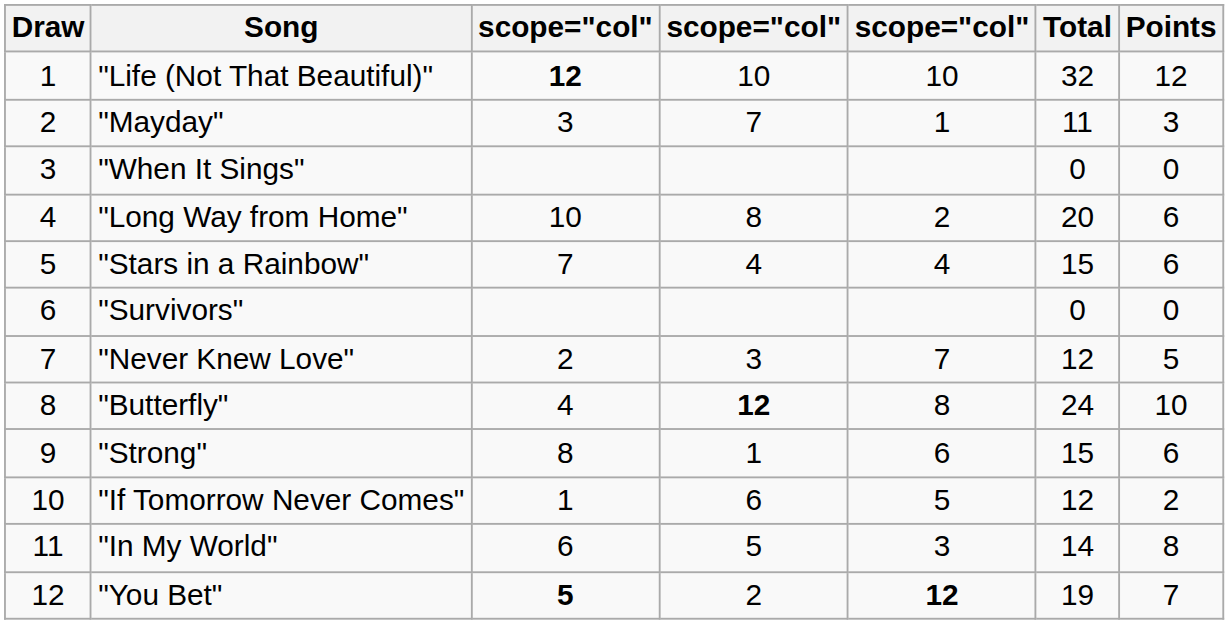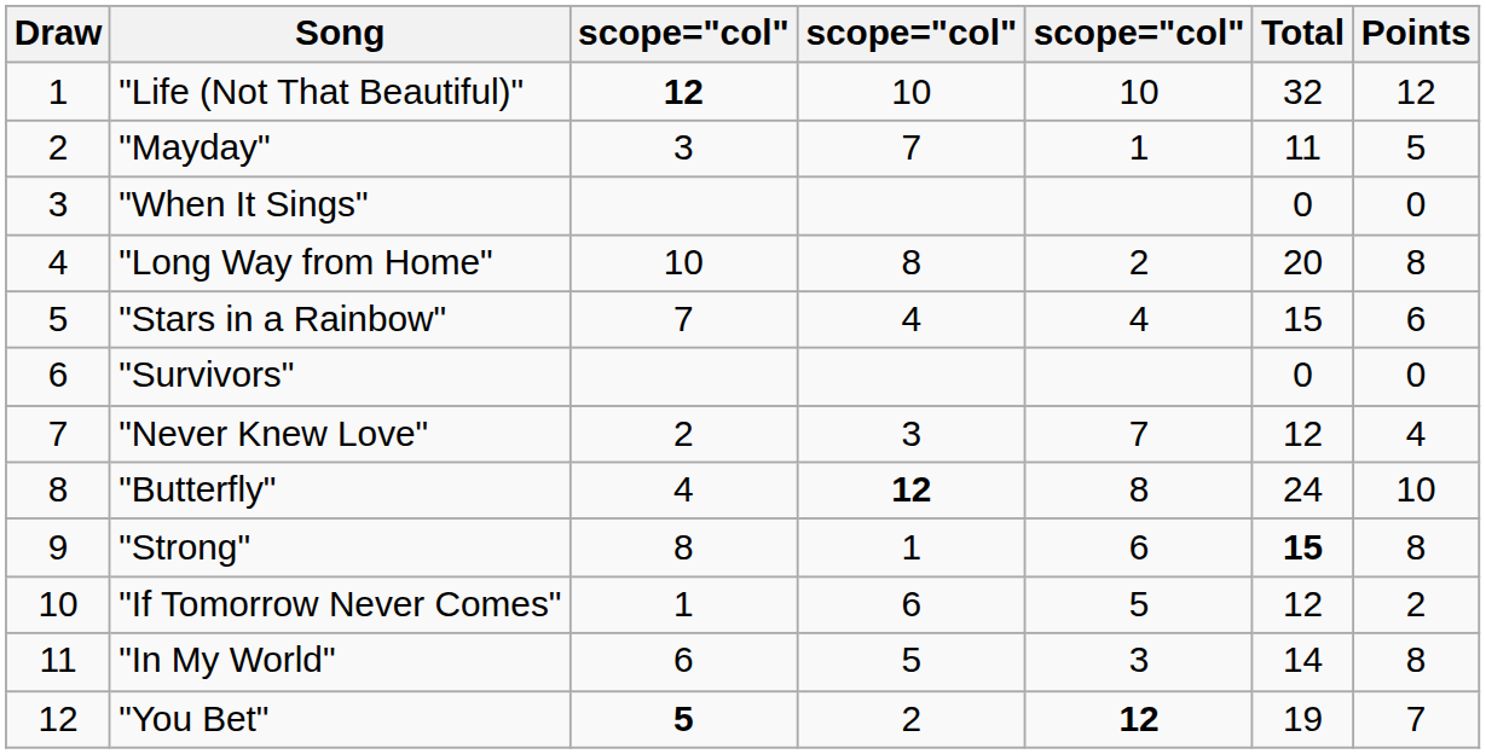 <table class="wikitable collapsible" style="margin: 1em auto 1em auto; text-align:center;">
 <tr>
 <th>Draw</th>
 <th>Song</th>
 <th>scope="col" </th>
 <th>scope="col" </th>
 <th>scope="col" </th>
 <th>Total</th>
 <th>Points</th>
 </tr>
 <tr>
 <td>1</td>
 <td align="left">"Life (Not That Beautiful)"</td>
 <td><strong>12</strong></td>
 <td>10</td>
 <td>10</td>
 <td>32</td>
 <td>12</td>
 </tr>
 <tr>
 <td>2</td>
 <td align="left">"Mayday"</td>
 <td>3</td>
 <td>7</td>
 <td>1</td>
 <td>11</td>
-<td>3</td>
+<td>5</td>
 </tr>
 <tr>
 <td>3</td>
 <td align="left">"When It Sings"</td>
 <td></td>
 <td></td>
 <td></td>
 <td>0</td>
 <td>0</td>
 </tr>
 <tr>
 <td>4</td>
 <td align="left">"Long Way from Home"</td>
 <td>10</td>
 <td>8</td>
 <td>2</td>
 <td>20</td>
-<td>6</td>
+<td>8</td>
 </tr>
 <tr>
 <td>5</td>
 <td align="left">"Stars in a Rainbow"</td>
 <td>7</td>
 <td>4</td>
 <td>4</td>
 <td>15</td>
 <td>6</td>
 </tr>
 <tr>
 <td>6</td>
 <td align="left">"Survivors"</td>
 <td></td>
 <td></td>
 <td></td>
 <td>0</td>
 <td>0</td>
 </tr>
 <tr>
 <td>7</td>
 <td align="left">"Never Knew Love"</td>
 <td>2</td>
 <td>3</td>
 <td>7</td>
 <td>12</td>
-<td>5</td>
+<td>4</td>
 </tr>
 <tr>
 <td>8</td>
 <td align="left">"Butterfly"</td>
 <td>4</td>
 <td><strong>12</strong></td>
 <td>8</td>
 <td>24</td>
 <td>10</td>
 </tr>
 <tr>
 <td>9</td>
 <td align="left">"Strong"</td>
 <td>8</td>
 <td>1</td>
 <td>6</td>
-<td>15</td>
-<td>6</td>
+<td><strong>15</strong></td>
+<td>8</td>
 </tr>
 <tr>
 <td>10</td>
 <td align="left">"If Tomorrow Never Comes"</td>
 <td>1</td>
 <td>6</td>
 <td>5</td>
 <td>12</td>
 <td>2</td>
 </tr>
 <tr>
 <td>11</td>
 <td align="left">"In My World"</td>
 <td>6</td>
 <td>5</td>
 <td>3</td>
 <td>14</td>
 <td>8</td>
 </tr>
 <tr>
 <td>12</td>
 <td align="left">"You Bet"</td>
 <td><strong>5</strong></td>
 <td>2</td>
 <td><strong>12</strong></td>
 <td>19</td>
 <td>7</td>
 </tr>
 </table>
